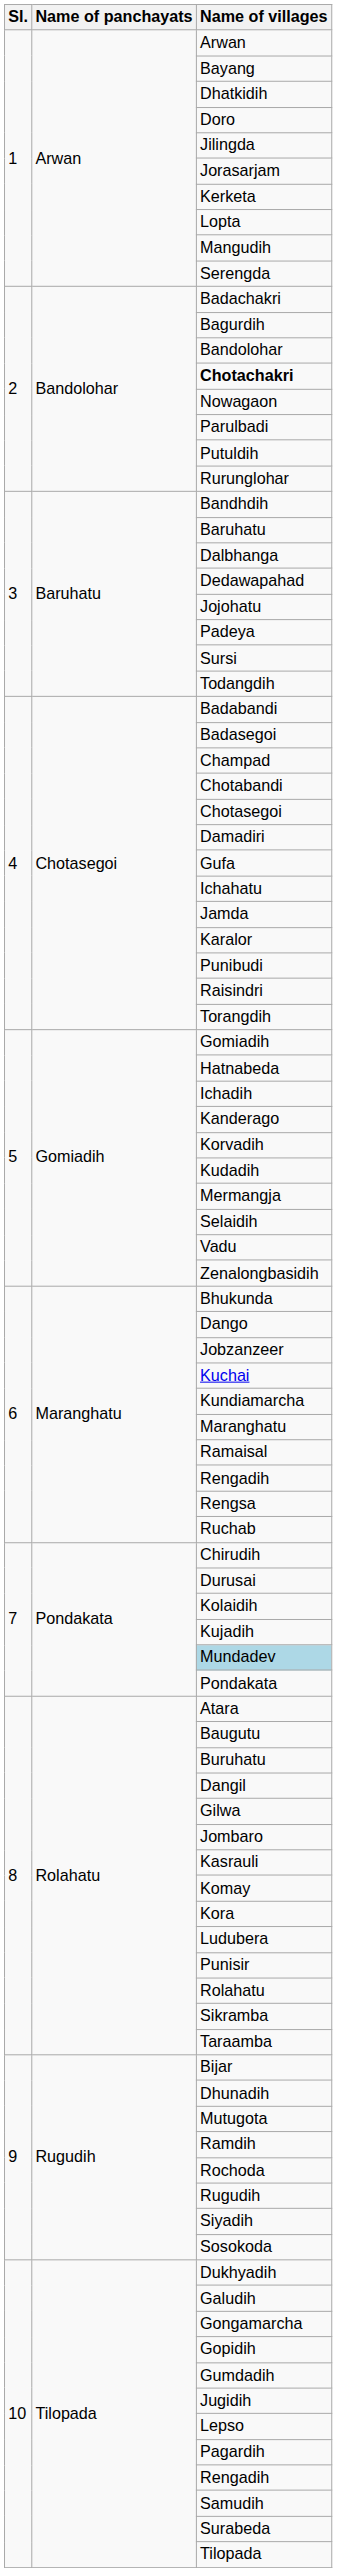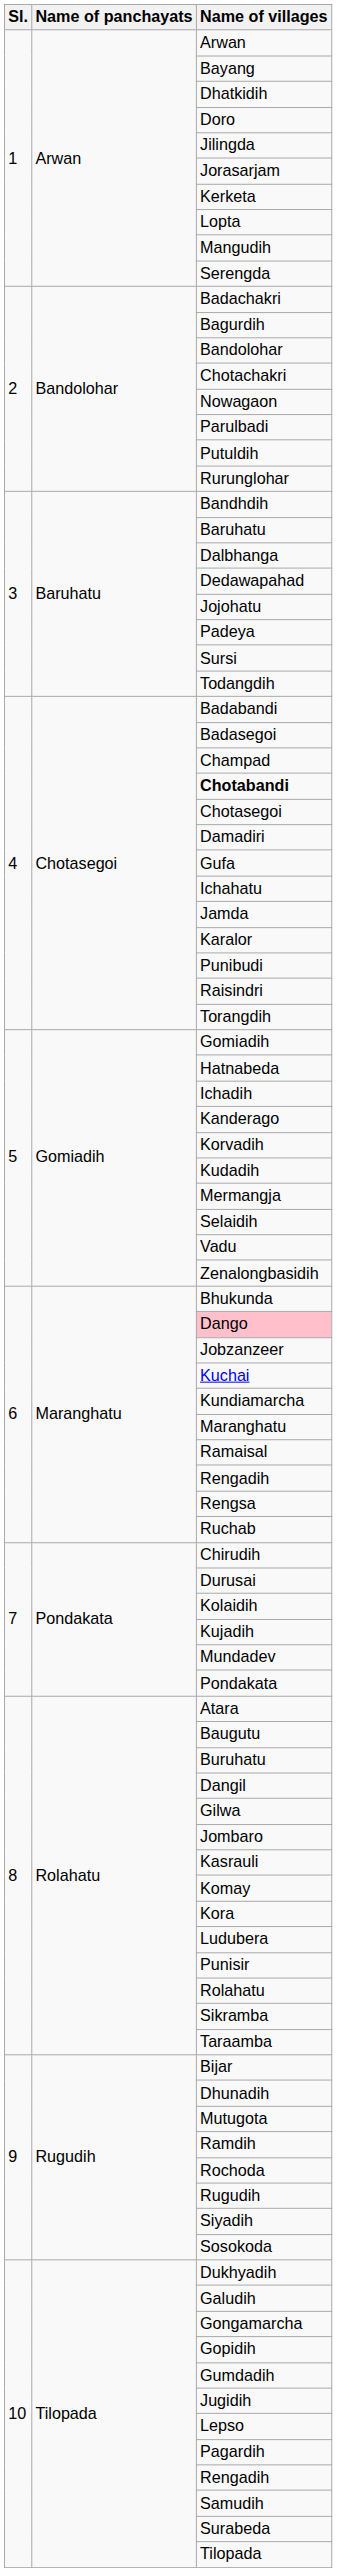 <table class="wikitable plainrowheaders sortable">
 <tr>
 <th scope="col">Sl.</th>
 <th scope="col">Name of panchayats</th>
 <th scope="col">Name of villages</th>
 </tr>
 <tr>
 <td rowspan="10">1</td>
 <td rowspan="10">Arwan</td>
 <td>Arwan</td>
 </tr>
 <tr>
 <td>Bayang</td>
 </tr>
 <tr>
 <td>Dhatkidih</td>
 </tr>
 <tr>
 <td>Doro</td>
 </tr>
 <tr>
 <td>Jilingda</td>
 </tr>
 <tr>
 <td>Jorasarjam</td>
 </tr>
 <tr>
 <td>Kerketa</td>
 </tr>
 <tr>
 <td>Lopta</td>
 </tr>
 <tr>
 <td>Mangudih</td>
 </tr>
 <tr>
 <td>Serengda</td>
 </tr>
 <tr>
 <td rowspan="8">2</td>
 <td rowspan="8">Bandolohar</td>
 <td>Badachakri</td>
 </tr>
 <tr>
 <td>Bagurdih</td>
 </tr>
 <tr>
 <td>Bandolohar</td>
 </tr>
 <tr>
-<td><strong>Chotachakri</strong></td>
+<td>Chotachakri</td>
 </tr>
 <tr>
 <td>Nowagaon</td>
 </tr>
 <tr>
 <td>Parulbadi</td>
 </tr>
 <tr>
 <td>Putuldih</td>
 </tr>
 <tr>
 <td>Rurunglohar</td>
 </tr>
 <tr>
 <td rowspan="8">3</td>
 <td rowspan="8">Baruhatu</td>
 <td>Bandhdih</td>
 </tr>
 <tr>
 <td>Baruhatu</td>
 </tr>
 <tr>
 <td>Dalbhanga</td>
 </tr>
 <tr>
 <td>Dedawapahad</td>
 </tr>
 <tr>
 <td>Jojohatu</td>
 </tr>
 <tr>
 <td>Padeya</td>
 </tr>
 <tr>
 <td>Sursi</td>
 </tr>
 <tr>
 <td>Todangdih</td>
 </tr>
 <tr>
 <td rowspan="13">4</td>
 <td rowspan="13">Chotasegoi</td>
 <td>Badabandi</td>
 </tr>
 <tr>
 <td>Badasegoi</td>
 </tr>
 <tr>
 <td>Champad</td>
 </tr>
 <tr>
-<td>Chotabandi</td>
+<td><strong>Chotabandi</strong></td>
 </tr>
 <tr>
 <td>Chotasegoi</td>
 </tr>
 <tr>
 <td>Damadiri</td>
 </tr>
 <tr>
 <td>Gufa</td>
 </tr>
 <tr>
 <td>Ichahatu</td>
 </tr>
 <tr>
 <td>Jamda</td>
 </tr>
 <tr>
 <td>Karalor</td>
 </tr>
 <tr>
 <td>Punibudi</td>
 </tr>
 <tr>
 <td>Raisindri</td>
 </tr>
 <tr>
 <td>Torangdih</td>
 </tr>
 <tr>
 <td rowspan="10">5</td>
 <td rowspan="10">Gomiadih</td>
 <td>Gomiadih</td>
 </tr>
 <tr>
 <td>Hatnabeda</td>
 </tr>
 <tr>
 <td>Ichadih</td>
 </tr>
 <tr>
 <td>Kanderago</td>
 </tr>
 <tr>
 <td>Korvadih</td>
 </tr>
 <tr>
 <td>Kudadih</td>
 </tr>
 <tr>
 <td>Mermangja</td>
 </tr>
 <tr>
 <td>Selaidih</td>
 </tr>
 <tr>
 <td>Vadu</td>
 </tr>
 <tr>
 <td>Zenalongbasidih</td>
 </tr>
 <tr>
 <td rowspan="10">6</td>
 <td rowspan="10">Maranghatu</td>
 <td>Bhukunda</td>
 </tr>
 <tr>
-<td>Dango</td>
+<td style="background: pink;">Dango</td>
 </tr>
 <tr>
 <td>Jobzanzeer</td>
 </tr>
 <tr>
 <td><a href='#'>Kuchai</a></td>
 </tr>
 <tr>
 <td>Kundiamarcha</td>
 </tr>
 <tr>
 <td>Maranghatu</td>
 </tr>
 <tr>
 <td>Ramaisal</td>
 </tr>
 <tr>
 <td>Rengadih</td>
 </tr>
 <tr>
 <td>Rengsa</td>
 </tr>
 <tr>
 <td>Ruchab</td>
 </tr>
 <tr>
 <td rowspan="6">7</td>
 <td rowspan="6">Pondakata</td>
 <td>Chirudih</td>
 </tr>
 <tr>
 <td>Durusai</td>
 </tr>
 <tr>
 <td>Kolaidih</td>
 </tr>
 <tr>
 <td>Kujadih</td>
 </tr>
 <tr>
-<td style="background: lightblue;">Mundadev</td>
+<td>Mundadev</td>
 </tr>
 <tr>
 <td>Pondakata</td>
 </tr>
 <tr>
 <td rowspan="14">8</td>
 <td rowspan="14">Rolahatu</td>
 <td>Atara</td>
 </tr>
 <tr>
 <td>Baugutu</td>
 </tr>
 <tr>
 <td>Buruhatu</td>
 </tr>
 <tr>
 <td>Dangil</td>
 </tr>
 <tr>
 <td>Gilwa</td>
 </tr>
 <tr>
 <td>Jombaro</td>
 </tr>
 <tr>
 <td>Kasrauli</td>
 </tr>
 <tr>
 <td>Komay</td>
 </tr>
 <tr>
 <td>Kora</td>
 </tr>
 <tr>
 <td>Ludubera</td>
 </tr>
 <tr>
 <td>Punisir</td>
 </tr>
 <tr>
 <td>Rolahatu</td>
 </tr>
 <tr>
 <td>Sikramba</td>
 </tr>
 <tr>
 <td>Taraamba</td>
 </tr>
 <tr>
 <td rowspan="8">9</td>
 <td rowspan="8">Rugudih</td>
 <td>Bijar</td>
 </tr>
 <tr>
 <td>Dhunadih</td>
 </tr>
 <tr>
 <td>Mutugota</td>
 </tr>
 <tr>
 <td>Ramdih</td>
 </tr>
 <tr>
 <td>Rochoda</td>
 </tr>
 <tr>
 <td>Rugudih</td>
 </tr>
 <tr>
 <td>Siyadih</td>
 </tr>
 <tr>
 <td>Sosokoda</td>
 </tr>
 <tr>
 <td rowspan="12">10</td>
 <td rowspan="12">Tilopada</td>
 <td>Dukhyadih</td>
 </tr>
 <tr>
 <td>Galudih</td>
 </tr>
 <tr>
 <td>Gongamarcha</td>
 </tr>
 <tr>
 <td>Gopidih</td>
 </tr>
 <tr>
 <td>Gumdadih</td>
 </tr>
 <tr>
 <td>Jugidih</td>
 </tr>
 <tr>
 <td>Lepso</td>
 </tr>
 <tr>
 <td>Pagardih</td>
 </tr>
 <tr>
 <td>Rengadih</td>
 </tr>
 <tr>
 <td>Samudih</td>
 </tr>
 <tr>
 <td>Surabeda</td>
 </tr>
 <tr>
 <td>Tilopada</td>
 </tr>
 <tr>
 </tr>
 </table>
